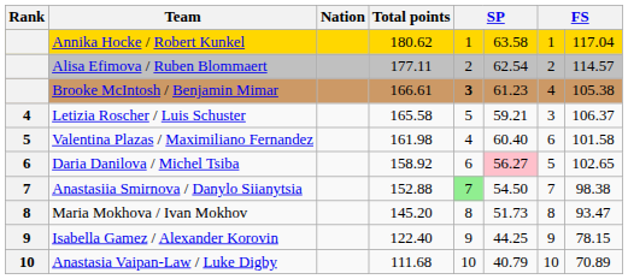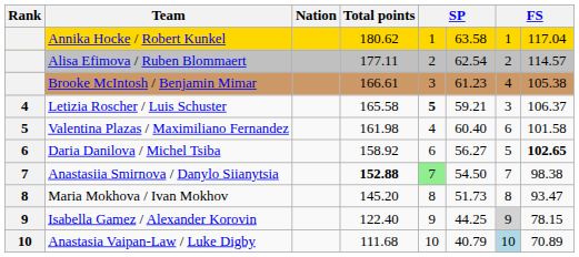 <table class="wikitable sortable" style="text-align:left">
 <tr>
 <th scope="col">Rank</th>
 <th scope="col">Team</th>
 <th scope="col">Nation</th>
 <th scope="col">Total points</th>
 <th scope="col" colspan="2" width="80px"><a href='#'>SP</a></th>
 <th scope="col" colspan="2" width="80px"><a href='#'>FS</a></th>
 </tr>
 <tr bgcolor="gold">
 <th scope="row"></th>
 <td><a href='#'>Annika Hocke</a> / <a href='#'>Robert Kunkel</a></td>
 <td></td>
 <td align="center">180.62</td>
 <td align="center">1</td>
 <td align="center">63.58</td>
 <td align="center">1</td>
 <td align="center">117.04</td>
 </tr>
 <tr bgcolor="silver">
 <th scope="row"></th>
 <td><a href='#'>Alisa Efimova</a> / <a href='#'>Ruben Blommaert</a></td>
 <td></td>
 <td align="center">177.11</td>
 <td align="center">2</td>
 <td align="center">62.54</td>
 <td align="center">2</td>
 <td align="center">114.57</td>
 </tr>
 <tr bgcolor="cc9966">
 <th scope="row"></th>
 <td><a href='#'>Brooke McIntosh</a> / <a href='#'>Benjamin Mimar</a></td>
 <td></td>
 <td align="center">166.61</td>
-<td align="center"><strong>3</strong></td>
+<td align="center">3</td>
 <td align="center">61.23</td>
 <td align="center">4</td>
 <td align="center">105.38</td>
 </tr>
 <tr>
 <th scope="row">4</th>
 <td><a href='#'>Letizia Roscher</a> / <a href='#'>Luis Schuster</a></td>
 <td></td>
 <td align="center">165.58</td>
-<td align="center">5</td>
+<td align="center"><strong>5</strong></td>
 <td align="center">59.21</td>
 <td align="center">3</td>
 <td align="center">106.37</td>
 </tr>
 <tr>
 <th scope="row">5</th>
 <td><a href='#'>Valentina Plazas</a> / <a href='#'>Maximiliano Fernandez</a></td>
 <td></td>
 <td align="center">161.98</td>
 <td align="center">4</td>
 <td align="center">60.40</td>
 <td align="center">6</td>
 <td align="center">101.58</td>
 </tr>
 <tr>
 <th scope="row">6</th>
 <td><a href='#'>Daria Danilova</a> / <a href='#'>Michel Tsiba</a></td>
 <td></td>
 <td align="center">158.92</td>
 <td align="center">6</td>
-<td align="center" style="background: pink;">56.27</td>
+<td align="center">56.27</td>
 <td align="center">5</td>
-<td align="center">102.65</td>
+<td align="center"><strong>102.65</strong></td>
 </tr>
 <tr>
 <th scope="row">7</th>
 <td><a href='#'>Anastasiia Smirnova</a> / <a href='#'>Danylo Siianytsia</a></td>
 <td></td>
-<td align="center">152.88</td>
+<td align="center"><strong>152.88</strong></td>
 <td align="center" style="background: lightgreen;">7</td>
 <td align="center">54.50</td>
 <td align="center">7</td>
 <td align="center">98.38</td>
 </tr>
 <tr>
 <th scope="row">8</th>
 <td>Maria Mokhova / Ivan Mokhov</td>
 <td></td>
 <td align="center">145.20</td>
 <td align="center">8</td>
 <td align="center">51.73</td>
 <td align="center">8</td>
 <td align="center">93.47</td>
 </tr>
 <tr>
 <th scope="row">9</th>
 <td><a href='#'>Isabella Gamez</a> / <a href='#'>Alexander Korovin</a></td>
 <td></td>
 <td align="center">122.40</td>
 <td align="center">9</td>
 <td align="center">44.25</td>
-<td align="center">9</td>
+<td align="center" style="background: lightgrey;">9</td>
 <td align="center">78.15</td>
 </tr>
 <tr>
 <th scope="row">10</th>
 <td><a href='#'>Anastasia Vaipan-Law</a> / <a href='#'>Luke Digby</a></td>
 <td></td>
 <td align="center">111.68</td>
 <td align="center">10</td>
 <td align="center">40.79</td>
-<td align="center">10</td>
+<td align="center" style="background: lightblue;">10</td>
 <td align="center">70.89</td>
 </tr>
 </table>
